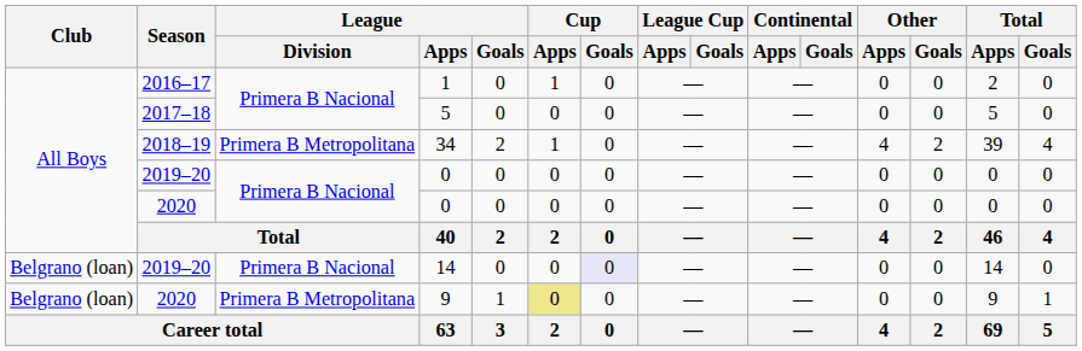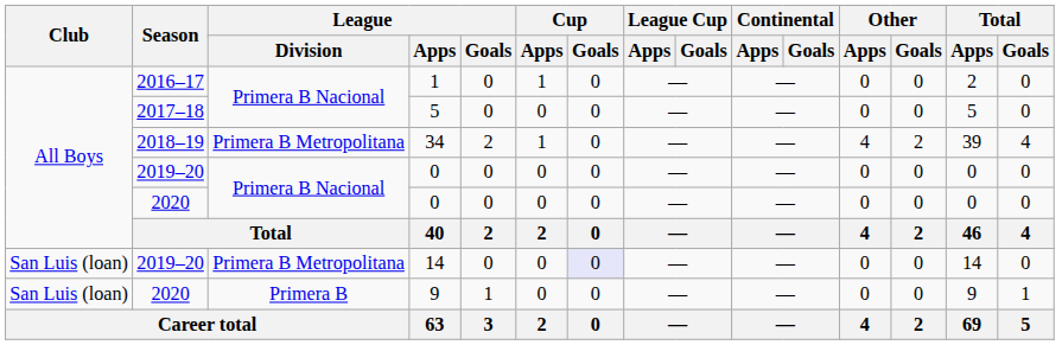 <table class="wikitable" style="text-align:center">
 <tr>
 <th rowspan="2">Club</th>
 <th rowspan="2">Season</th>
 <th colspan="3">League</th>
 <th colspan="2">Cup</th>
 <th colspan="2">League Cup</th>
 <th colspan="2">Continental</th>
 <th colspan="2">Other</th>
 <th colspan="2">Total</th>
 </tr>
 <tr>
 <th>Division</th>
 <th>Apps</th>
 <th>Goals</th>
 <th>Apps</th>
 <th>Goals</th>
 <th>Apps</th>
 <th>Goals</th>
 <th>Apps</th>
 <th>Goals</th>
 <th>Apps</th>
 <th>Goals</th>
 <th>Apps</th>
 <th>Goals</th>
 </tr>
 <tr>
 <td rowspan="6"><a href='#'>All Boys</a></td>
 <td><a href='#'>2016–17</a></td>
 <td rowspan="2"><a href='#'>Primera B Nacional</a></td>
 <td>1</td>
 <td>0</td>
 <td>1</td>
 <td>0</td>
 <td colspan="2">—</td>
 <td colspan="2">—</td>
 <td>0</td>
 <td>0</td>
 <td>2</td>
 <td>0</td>
 </tr>
 <tr>
 <td><a href='#'>2017–18</a></td>
 <td>5</td>
 <td>0</td>
 <td>0</td>
 <td>0</td>
 <td colspan="2">—</td>
 <td colspan="2">—</td>
 <td>0</td>
 <td>0</td>
 <td>5</td>
 <td>0</td>
 </tr>
 <tr>
 <td><a href='#'>2018–19</a></td>
 <td rowspan="1"><a href='#'>Primera B Metropolitana</a></td>
 <td>34</td>
 <td>2</td>
 <td>1</td>
 <td>0</td>
 <td colspan="2">—</td>
 <td colspan="2">—</td>
 <td>4</td>
 <td>2</td>
 <td>39</td>
 <td>4</td>
 </tr>
 <tr>
 <td><a href='#'>2019–20</a></td>
 <td rowspan="2"><a href='#'>Primera B Nacional</a></td>
 <td>0</td>
 <td>0</td>
 <td>0</td>
 <td>0</td>
 <td colspan="2">—</td>
 <td colspan="2">—</td>
 <td>0</td>
 <td>0</td>
 <td>0</td>
 <td>0</td>
 </tr>
 <tr>
 <td><a href='#'>2020</a></td>
 <td>0</td>
 <td>0</td>
 <td>0</td>
 <td>0</td>
 <td colspan="2">—</td>
 <td colspan="2">—</td>
 <td>0</td>
 <td>0</td>
 <td>0</td>
 <td>0</td>
 </tr>
 <tr>
 <th colspan="2">Total</th>
 <th>40</th>
 <th>2</th>
 <th>2</th>
 <th>0</th>
 <th colspan="2">—</th>
 <th colspan="2">—</th>
 <th>4</th>
 <th>2</th>
 <th>46</th>
 <th>4</th>
 </tr>
 <tr>
-<td rowspan="1"><a href='#'>Belgrano</a> (loan)</td>
+<td rowspan="1"><a href='#'>San Luis</a> (loan)</td>
 <td><a href='#'>2019–20</a></td>
-<td rowspan="1"><a href='#'>Primera B Nacional</a></td>
+<td rowspan="1"><a href='#'>Primera B Metropolitana</a></td>
 <td>14</td>
 <td>0</td>
 <td>0</td>
 <td style="background: lavender;">0</td>
 <td colspan="2">—</td>
 <td colspan="2">—</td>
 <td>0</td>
 <td>0</td>
 <td>14</td>
 <td>0</td>
 </tr>
 <tr>
-<td rowspan="1"><a href='#'>Belgrano</a> (loan)</td>
+<td rowspan="1"><a href='#'>San Luis</a> (loan)</td>
 <td><a href='#'>2020</a></td>
-<td rowspan="1"><a href='#'>Primera B Metropolitana</a></td>
+<td rowspan="1"><a href='#'>Primera B</a></td>
 <td>9</td>
 <td>1</td>
-<td style="background: khaki;">0</td>
+<td>0</td>
 <td>0</td>
 <td colspan="2">—</td>
 <td colspan="2">—</td>
 <td>0</td>
 <td>0</td>
 <td>9</td>
 <td>1</td>
 </tr>
 <tr>
 <th colspan="3">Career total</th>
 <th>63</th>
 <th>3</th>
 <th>2</th>
 <th>0</th>
 <th colspan="2">—</th>
 <th colspan="2">—</th>
 <th>4</th>
 <th>2</th>
 <th>69</th>
 <th>5</th>
 </tr>
 </table>
